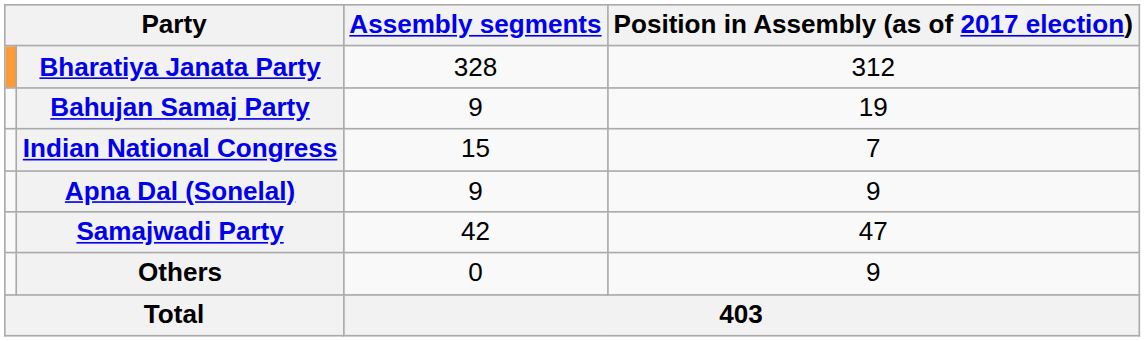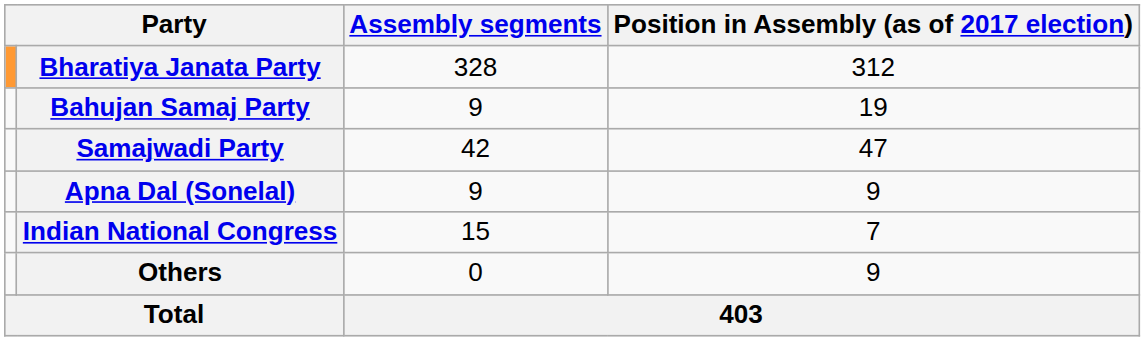 <table class="wikitable" style="text-align:center">
 <tr>
 <th colspan=2>Party</th>
 <th><a href='#'>Assembly segments</a></th>
 <th>Position in Assembly (as of <a href='#'>2017 election</a>)</th>
 </tr>
 <tr>
 <td bgcolor=#FF9933></td>
 <th><a href='#'>Bharatiya Janata Party</a></th>
 <td>328</td>
 <td>312</td>
 </tr>
 <tr>
 <td></td>
 <th><a href='#'>Bahujan Samaj Party</a></th>
 <td>9</td>
 <td>19</td>
 </tr>
 <tr>
 <td></td>
-<th><a href='#'>Indian National Congress</a></th>
-<td>15</td>
-<td>7</td>
+<th><a href='#'>Samajwadi Party</a></th>
+<td>42</td>
+<td>47</td>
 </tr>
 <tr>
 <td></td>
 <th><a href='#'>Apna Dal (Sonelal)</a></th>
 <td>9</td>
 <td>9</td>
 </tr>
 <tr>
 <td></td>
-<th><a href='#'>Samajwadi Party</a></th>
-<td>42</td>
-<td>47</td>
+<th><a href='#'>Indian National Congress</a></th>
+<td>15</td>
+<td>7</td>
 </tr>
 <tr>
 <td></td>
 <th>Others</th>
 <td>0</td>
 <td>9</td>
 </tr>
 <tr>
 <th colspan=2>Total</th>
 <th colspan=2>403</th>
 </tr>
 </table>
